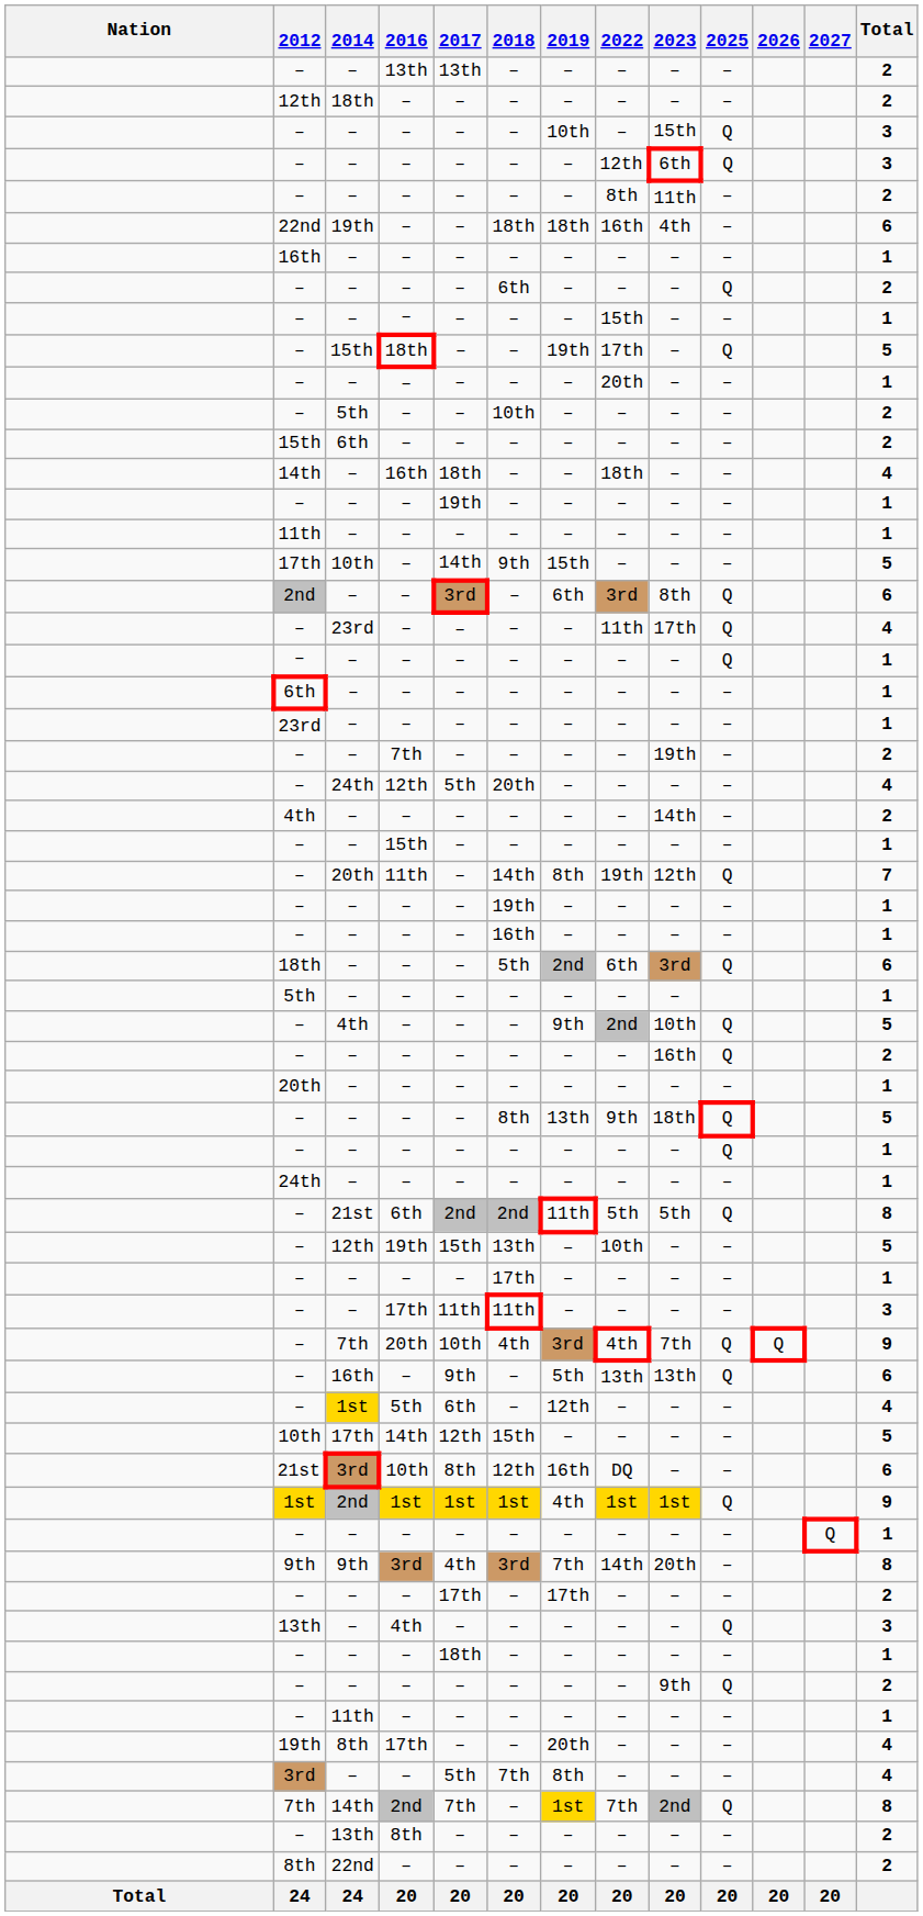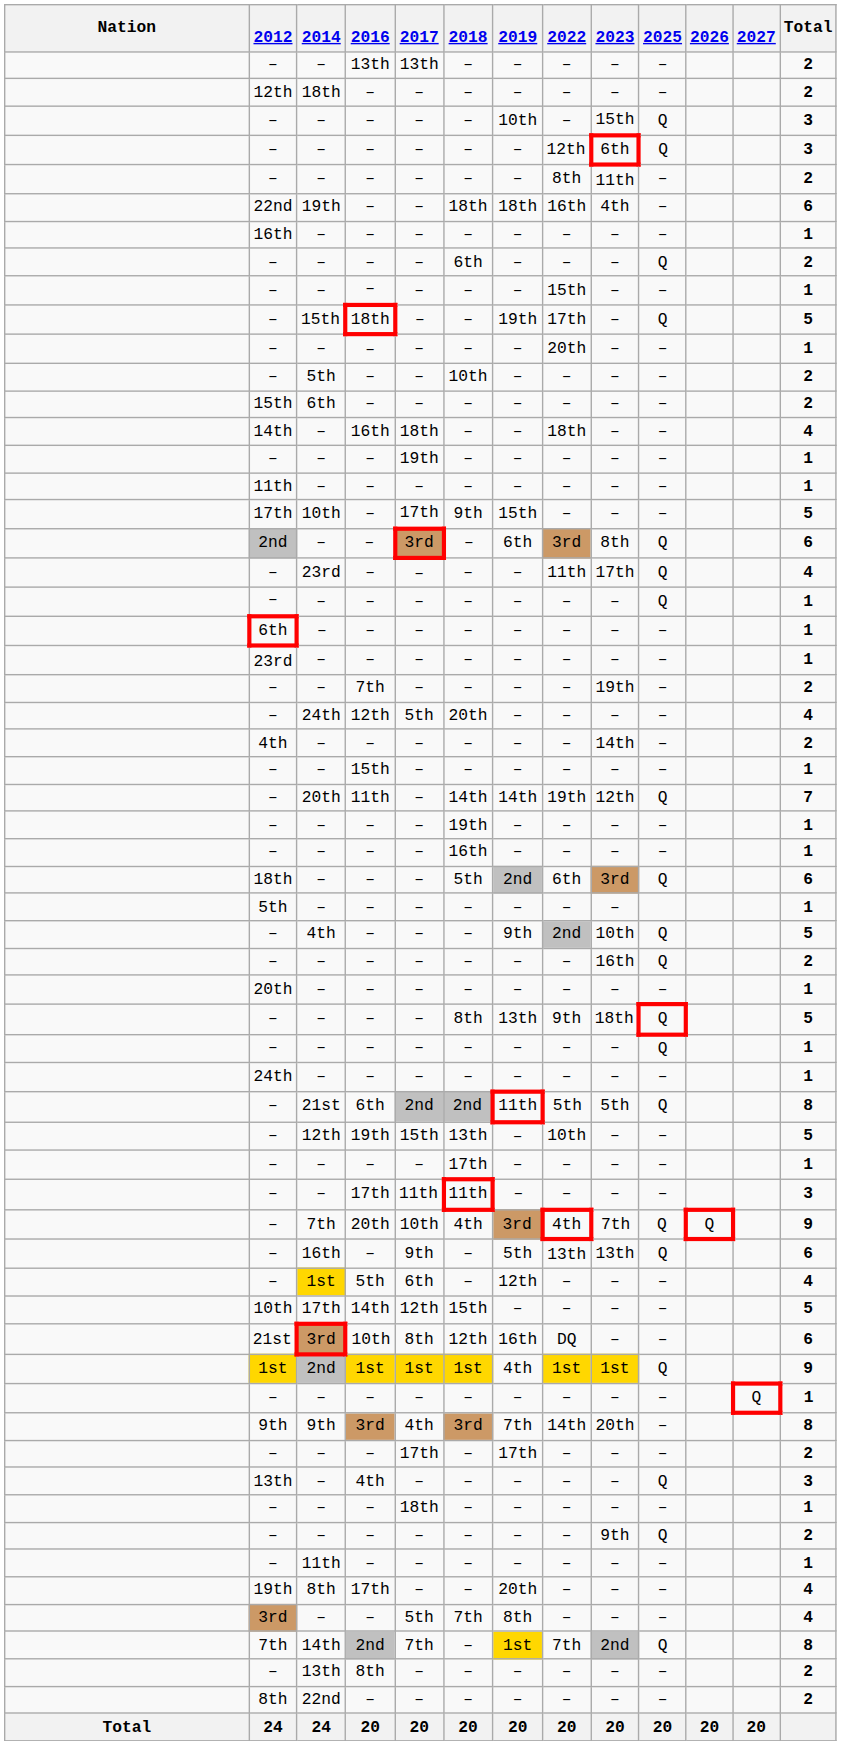 <table class="wikitable" style="text-align:center; font-size:90%;">
 <tr>
 <th width=170>Nation</th>
 <th><br><a href='#'>2012</a></th>
 <th><br><a href='#'>2014</a></th>
 <th><br><a href='#'>2016</a></th>
 <th><br><a href='#'>2017</a></th>
 <th><br><a href='#'>2018</a></th>
 <th><br><a href='#'>2019</a></th>
 <th><br><a href='#'>2022</a></th>
 <th><br><a href='#'>2023</a></th>
 <th><br><a href='#'>2025</a></th>
 <th><br><a href='#'>2026</a></th>
 <th><br><a href='#'>2027</a></th>
 <th>Total</th>
 </tr>
 <tr>
 <td align=left></td>
 <td>–</td>
 <td>–</td>
 <td>13th</td>
 <td>13th</td>
 <td>–</td>
 <td>–</td>
 <td>–</td>
 <td>–</td>
 <td>–</td>
 <td></td>
 <td></td>
 <td><strong>2</strong></td>
 </tr>
 <tr>
 <td align=left></td>
 <td>12th</td>
 <td>18th</td>
 <td>–</td>
 <td>–</td>
 <td>–</td>
 <td>–</td>
 <td>–</td>
 <td>–</td>
 <td>–</td>
 <td></td>
 <td></td>
 <td><strong>2</strong></td>
 </tr>
 <tr>
 <td align=left></td>
 <td>–</td>
 <td>–</td>
 <td>–</td>
 <td>–</td>
 <td>–</td>
 <td>10th</td>
 <td>–</td>
 <td>15th</td>
 <td>Q</td>
 <td></td>
 <td></td>
 <td><strong>3</strong></td>
 </tr>
 <tr>
 <td align=left></td>
 <td>–</td>
 <td>–</td>
 <td>–</td>
 <td>–</td>
 <td>–</td>
 <td>–</td>
 <td>12th</td>
 <td style="border: 3px solid red">6th</td>
 <td>Q</td>
 <td></td>
 <td></td>
 <td><strong>3</strong></td>
 </tr>
 <tr>
 <td align=left></td>
 <td>–</td>
 <td>–</td>
 <td>–</td>
 <td>–</td>
 <td>–</td>
 <td>–</td>
 <td>8th</td>
 <td>11th</td>
 <td>–</td>
 <td></td>
 <td></td>
 <td><strong>2</strong></td>
 </tr>
 <tr>
 <td align=left></td>
 <td>22nd</td>
 <td>19th</td>
 <td>–</td>
 <td>–</td>
 <td>18th</td>
 <td>18th</td>
 <td>16th</td>
 <td>4th</td>
 <td>–</td>
 <td></td>
 <td></td>
 <td><strong>6</strong></td>
 </tr>
 <tr>
 <td align=left></td>
 <td>16th</td>
 <td>–</td>
 <td>–</td>
 <td>–</td>
 <td>–</td>
 <td>–</td>
 <td>–</td>
 <td>–</td>
 <td>–</td>
 <td></td>
 <td></td>
 <td><strong>1</strong></td>
 </tr>
 <tr>
 <td align=left></td>
 <td>–</td>
 <td>–</td>
 <td>–</td>
 <td>–</td>
 <td>6th</td>
 <td>–</td>
 <td>–</td>
 <td>–</td>
 <td>Q</td>
 <td></td>
 <td></td>
 <td><strong>2</strong></td>
 </tr>
 <tr>
 <td align=left></td>
 <td>–</td>
 <td>–</td>
 <td>–</td>
 <td>–</td>
 <td>–</td>
 <td>–</td>
 <td>15th</td>
 <td>–</td>
 <td>–</td>
 <td></td>
 <td></td>
 <td><strong>1</strong></td>
 </tr>
 <tr>
 <td align=left></td>
 <td>–</td>
 <td>15th</td>
 <td style="border: 3px solid red">18th</td>
 <td>–</td>
 <td>–</td>
 <td>19th</td>
 <td>17th</td>
 <td>–</td>
 <td>Q</td>
 <td></td>
 <td></td>
 <td><strong>5</strong></td>
 </tr>
 <tr>
 <td align=left></td>
 <td>–</td>
 <td>–</td>
 <td>–</td>
 <td>–</td>
 <td>–</td>
 <td>–</td>
 <td>20th</td>
 <td>–</td>
 <td>–</td>
 <td></td>
 <td></td>
 <td><strong>1</strong></td>
 </tr>
 <tr>
 <td align=left></td>
 <td>–</td>
 <td>5th</td>
 <td>–</td>
 <td>–</td>
 <td>10th</td>
 <td>–</td>
 <td>–</td>
 <td>–</td>
 <td>–</td>
 <td></td>
 <td></td>
 <td><strong>2</strong></td>
 </tr>
 <tr>
 <td align=left></td>
 <td>15th</td>
 <td>6th</td>
 <td>–</td>
 <td>–</td>
 <td>–</td>
 <td>–</td>
 <td>–</td>
 <td>–</td>
 <td>–</td>
 <td></td>
 <td></td>
 <td><strong>2</strong></td>
 </tr>
 <tr>
 <td align=left></td>
 <td>14th</td>
 <td>–</td>
 <td>16th</td>
 <td>18th</td>
 <td>–</td>
 <td>–</td>
 <td>18th</td>
 <td>–</td>
 <td>–</td>
 <td></td>
 <td></td>
 <td><strong>4</strong></td>
 </tr>
 <tr>
 <td align=left></td>
 <td>–</td>
 <td>–</td>
 <td>–</td>
 <td>19th</td>
 <td>–</td>
 <td>–</td>
 <td>–</td>
 <td>–</td>
 <td>–</td>
 <td></td>
 <td></td>
 <td><strong>1</strong></td>
 </tr>
 <tr>
 <td align=left></td>
 <td>11th</td>
 <td>–</td>
 <td>–</td>
 <td>–</td>
 <td>–</td>
 <td>–</td>
 <td>–</td>
 <td>–</td>
 <td>–</td>
 <td></td>
 <td></td>
 <td><strong>1</strong></td>
 </tr>
 <tr>
 <td align=left></td>
 <td>17th</td>
 <td>10th</td>
 <td>–</td>
-<td>14th</td>
+<td>17th</td>
 <td>9th</td>
 <td>15th</td>
 <td>–</td>
 <td>–</td>
 <td>–</td>
 <td></td>
 <td></td>
 <td><strong>5</strong></td>
 </tr>
 <tr>
 <td align=left></td>
 <td bgcolor=silver>2nd</td>
 <td>–</td>
 <td>–</td>
 <td style="border: 3px solid red" bgcolor=#cc9966>3rd</td>
 <td>–</td>
 <td>6th</td>
 <td bgcolor=#cc9966>3rd</td>
 <td>8th</td>
 <td>Q</td>
 <td></td>
 <td></td>
 <td><strong>6</strong></td>
 </tr>
 <tr>
 <td align=left></td>
 <td>–</td>
 <td>23rd</td>
 <td>–</td>
 <td>–</td>
 <td>–</td>
 <td>–</td>
 <td>11th</td>
 <td>17th</td>
 <td>Q</td>
 <td></td>
 <td></td>
 <td><strong>4</strong></td>
 </tr>
 <tr>
 <td align=left></td>
 <td>–</td>
 <td>–</td>
 <td>–</td>
 <td>–</td>
 <td>–</td>
 <td>–</td>
 <td>–</td>
 <td>–</td>
 <td>Q</td>
 <td></td>
 <td></td>
 <td><strong>1</strong></td>
 </tr>
 <tr>
 <td align=left></td>
 <td style="border: 3px solid red">6th</td>
 <td>–</td>
 <td>–</td>
 <td>–</td>
 <td>–</td>
 <td>–</td>
 <td>–</td>
 <td>–</td>
 <td>–</td>
 <td></td>
 <td></td>
 <td><strong>1</strong></td>
 </tr>
 <tr>
 <td align=left></td>
 <td>23rd</td>
 <td>–</td>
 <td>–</td>
 <td>–</td>
 <td>–</td>
 <td>–</td>
 <td>–</td>
 <td>–</td>
 <td>–</td>
 <td></td>
 <td></td>
 <td><strong>1</strong></td>
 </tr>
 <tr>
 <td align=left></td>
 <td>–</td>
 <td>–</td>
 <td>7th</td>
 <td>–</td>
 <td>–</td>
 <td>–</td>
 <td>–</td>
 <td>19th</td>
 <td>–</td>
 <td></td>
 <td></td>
 <td><strong>2</strong></td>
 </tr>
 <tr>
 <td align=left></td>
 <td>–</td>
 <td>24th</td>
 <td>12th</td>
 <td>5th</td>
 <td>20th</td>
 <td>–</td>
 <td>–</td>
 <td>–</td>
 <td>–</td>
 <td></td>
 <td></td>
 <td><strong>4</strong></td>
 </tr>
 <tr>
 <td align=left></td>
 <td>4th</td>
 <td>–</td>
 <td>–</td>
 <td>–</td>
 <td>–</td>
 <td>–</td>
 <td>–</td>
 <td>14th</td>
 <td>–</td>
 <td></td>
 <td></td>
 <td><strong>2</strong></td>
 </tr>
 <tr>
 <td align=left></td>
 <td>–</td>
 <td>–</td>
 <td>15th</td>
 <td>–</td>
 <td>–</td>
 <td>–</td>
 <td>–</td>
 <td>–</td>
 <td>–</td>
 <td></td>
 <td></td>
 <td><strong>1</strong></td>
 </tr>
 <tr>
 <td align=left></td>
 <td>–</td>
 <td>20th</td>
 <td>11th</td>
 <td>–</td>
 <td>14th</td>
-<td>8th</td>
+<td>14th</td>
 <td>19th</td>
 <td>12th</td>
 <td>Q</td>
 <td></td>
 <td></td>
 <td><strong>7</strong></td>
 </tr>
 <tr>
 <td align=left></td>
 <td>–</td>
 <td>–</td>
 <td>–</td>
 <td>–</td>
 <td>19th</td>
 <td>–</td>
 <td>–</td>
 <td>–</td>
 <td>–</td>
 <td></td>
 <td></td>
 <td><strong>1</strong></td>
 </tr>
 <tr>
 <td align=left></td>
 <td>–</td>
 <td>–</td>
 <td>–</td>
 <td>–</td>
 <td>16th</td>
 <td>–</td>
 <td>–</td>
 <td>–</td>
 <td>–</td>
 <td></td>
 <td></td>
 <td><strong>1</strong></td>
 </tr>
 <tr>
 <td align=left></td>
 <td>18th</td>
 <td>–</td>
 <td>–</td>
 <td>–</td>
 <td>5th</td>
 <td bgcolor=silver>2nd</td>
 <td>6th</td>
 <td bgcolor=#cc9966>3rd</td>
 <td>Q</td>
 <td></td>
 <td></td>
 <td><strong>6</strong></td>
 </tr>
 <tr>
 <td align=left></td>
 <td>5th</td>
 <td>–</td>
 <td>–</td>
 <td>–</td>
 <td>–</td>
 <td>–</td>
 <td>–</td>
 <td>–</td>
 <td></td>
 <td></td>
 <td></td>
 <td><strong>1</strong></td>
 </tr>
 <tr>
 <td align=left></td>
 <td>–</td>
 <td>4th</td>
 <td>–</td>
 <td>–</td>
 <td>–</td>
 <td>9th</td>
 <td bgcolor=silver>2nd</td>
 <td>10th</td>
 <td>Q</td>
 <td></td>
 <td></td>
 <td><strong>5</strong></td>
 </tr>
 <tr>
 <td align=left></td>
 <td>–</td>
 <td>–</td>
 <td>–</td>
 <td>–</td>
 <td>–</td>
 <td>–</td>
 <td>–</td>
 <td>16th</td>
 <td>Q</td>
 <td></td>
 <td></td>
 <td><strong>2</strong></td>
 </tr>
 <tr>
 <td align=left></td>
 <td>20th</td>
 <td>–</td>
 <td>–</td>
 <td>–</td>
 <td>–</td>
 <td>–</td>
 <td>–</td>
 <td>–</td>
 <td>–</td>
 <td></td>
 <td></td>
 <td><strong>1</strong></td>
 </tr>
 <tr>
 <td align=left></td>
 <td>–</td>
 <td>–</td>
 <td>–</td>
 <td>–</td>
 <td>8th</td>
 <td>13th</td>
 <td>9th</td>
 <td>18th</td>
 <td style="border: 3px solid red">Q</td>
 <td></td>
 <td></td>
 <td><strong>5</strong></td>
 </tr>
 <tr>
 <td align=left></td>
 <td>–</td>
 <td>–</td>
 <td>–</td>
 <td>–</td>
 <td>–</td>
 <td>–</td>
 <td>–</td>
 <td>–</td>
 <td>Q</td>
 <td></td>
 <td></td>
 <td><strong>1</strong></td>
 </tr>
 <tr>
 <td align=left></td>
 <td>24th</td>
 <td>–</td>
 <td>–</td>
 <td>–</td>
 <td>–</td>
 <td>–</td>
 <td>–</td>
 <td>–</td>
 <td>–</td>
 <td></td>
 <td></td>
 <td><strong>1</strong></td>
 </tr>
 <tr>
 <td align=left></td>
 <td>–</td>
 <td>21st</td>
 <td>6th</td>
 <td bgcolor=silver>2nd</td>
 <td bgcolor=silver>2nd</td>
 <td style="border: 3px solid red">11th</td>
 <td>5th</td>
 <td>5th</td>
 <td>Q</td>
 <td></td>
 <td></td>
 <td><strong>8</strong></td>
 </tr>
 <tr>
 <td align=left></td>
 <td>–</td>
 <td>12th</td>
 <td>19th</td>
 <td>15th</td>
 <td>13th</td>
 <td>–</td>
 <td>10th</td>
 <td>–</td>
 <td>–</td>
 <td></td>
 <td></td>
 <td><strong>5</strong></td>
 </tr>
 <tr>
 <td align=left></td>
 <td>–</td>
 <td>–</td>
 <td>–</td>
 <td>–</td>
 <td>17th</td>
 <td>–</td>
 <td>–</td>
 <td>–</td>
 <td>–</td>
 <td></td>
 <td></td>
 <td><strong>1</strong></td>
 </tr>
 <tr>
 <td align=left></td>
 <td>–</td>
 <td>–</td>
 <td>17th</td>
 <td>11th</td>
 <td style="border: 3px solid red">11th</td>
 <td>–</td>
 <td>–</td>
 <td>–</td>
 <td>–</td>
 <td></td>
 <td></td>
 <td><strong>3</strong></td>
 </tr>
 <tr>
 <td align=left></td>
 <td>–</td>
 <td>7th</td>
 <td>20th</td>
 <td>10th</td>
 <td>4th</td>
 <td bgcolor=#cc9966>3rd</td>
 <td style="border: 3px solid red">4th</td>
 <td>7th</td>
 <td>Q</td>
 <td style="border: 3px solid red">Q</td>
 <td></td>
 <td><strong>9</strong></td>
 </tr>
 <tr>
 <td align=left></td>
 <td>–</td>
 <td>16th</td>
 <td>–</td>
 <td>9th</td>
 <td>–</td>
 <td>5th</td>
 <td>13th</td>
 <td>13th</td>
 <td>Q</td>
 <td></td>
 <td></td>
 <td><strong>6</strong></td>
 </tr>
 <tr>
 <td align=left></td>
 <td>–</td>
 <td bgcolor=gold>1st</td>
 <td>5th</td>
 <td>6th</td>
 <td>–</td>
 <td>12th</td>
 <td>–</td>
 <td>–</td>
 <td>–</td>
 <td></td>
 <td></td>
 <td><strong>4</strong></td>
 </tr>
 <tr>
 <td align=left></td>
 <td>10th</td>
 <td>17th</td>
 <td>14th</td>
 <td>12th</td>
 <td>15th</td>
 <td>–</td>
 <td>–</td>
 <td>–</td>
 <td>–</td>
 <td></td>
 <td></td>
 <td><strong>5</strong></td>
 </tr>
 <tr>
 <td align=left></td>
 <td>21st</td>
 <td style="border: 3px solid red" bgcolor=#cc9966>3rd</td>
 <td>10th</td>
 <td>8th</td>
 <td>12th</td>
 <td>16th</td>
 <td>DQ</td>
 <td>–</td>
 <td>–</td>
 <td></td>
 <td></td>
 <td><strong>6</strong></td>
 </tr>
 <tr>
 <td align=left></td>
 <td bgcolor=gold>1st</td>
 <td bgcolor=silver>2nd</td>
 <td bgcolor=gold>1st</td>
 <td bgcolor=gold>1st</td>
 <td bgcolor=gold>1st</td>
 <td>4th</td>
 <td bgcolor=gold>1st</td>
 <td bgcolor=gold>1st</td>
 <td>Q</td>
 <td></td>
 <td></td>
 <td><strong>9</strong></td>
 </tr>
 <tr>
 <td align=left></td>
 <td>–</td>
 <td>–</td>
 <td>–</td>
 <td>–</td>
 <td>–</td>
 <td>–</td>
 <td>–</td>
 <td>–</td>
 <td>–</td>
 <td></td>
 <td style="border: 3px solid red">Q</td>
 <td><strong>1</strong></td>
 </tr>
 <tr>
 <td align=left></td>
 <td>9th</td>
 <td>9th</td>
 <td bgcolor=#cc9966>3rd</td>
 <td>4th</td>
 <td bgcolor=#cc9966>3rd</td>
 <td>7th</td>
 <td>14th</td>
 <td>20th</td>
 <td>–</td>
 <td></td>
 <td></td>
 <td><strong>8</strong></td>
 </tr>
 <tr>
 <td align=left></td>
 <td>–</td>
 <td>–</td>
 <td>–</td>
 <td>17th</td>
 <td>–</td>
 <td>17th</td>
 <td>–</td>
 <td>–</td>
 <td>–</td>
 <td></td>
 <td></td>
 <td><strong>2</strong></td>
 </tr>
 <tr>
 <td align=left></td>
 <td>13th</td>
 <td>–</td>
 <td>4th</td>
 <td>–</td>
 <td>–</td>
 <td>–</td>
 <td>–</td>
 <td>–</td>
 <td>Q</td>
 <td></td>
 <td></td>
 <td><strong>3</strong></td>
 </tr>
 <tr>
 <td align=left></td>
 <td>–</td>
 <td>–</td>
 <td>–</td>
 <td>18th</td>
 <td>–</td>
 <td>–</td>
 <td>–</td>
 <td>–</td>
 <td>–</td>
 <td></td>
 <td></td>
 <td><strong>1</strong></td>
 </tr>
 <tr>
 <td align=left></td>
 <td>–</td>
 <td>–</td>
 <td>–</td>
 <td>–</td>
 <td>–</td>
 <td>–</td>
 <td>–</td>
 <td>9th</td>
 <td>Q</td>
 <td></td>
 <td></td>
 <td><strong>2</strong></td>
 </tr>
 <tr>
 <td align=left></td>
 <td>–</td>
 <td>11th</td>
 <td>–</td>
 <td>–</td>
 <td>–</td>
 <td>–</td>
 <td>–</td>
 <td>–</td>
 <td>–</td>
 <td></td>
 <td></td>
 <td><strong>1</strong></td>
 </tr>
 <tr>
 <td align=left></td>
 <td>19th</td>
 <td>8th</td>
 <td>17th</td>
 <td>–</td>
 <td>–</td>
 <td>20th</td>
 <td>–</td>
 <td>–</td>
 <td>–</td>
 <td></td>
 <td></td>
 <td><strong>4</strong></td>
 </tr>
 <tr>
 <td align=left></td>
 <td bgcolor=#cc9966>3rd</td>
 <td>–</td>
 <td>–</td>
 <td>5th</td>
 <td>7th</td>
 <td>8th</td>
 <td>–</td>
 <td>–</td>
 <td>–</td>
 <td></td>
 <td></td>
 <td><strong>4</strong></td>
 </tr>
 <tr>
 <td align=left></td>
 <td>7th</td>
 <td>14th</td>
 <td bgcolor=silver>2nd</td>
 <td>7th</td>
 <td>–</td>
 <td bgcolor=gold>1st</td>
 <td>7th</td>
 <td bgcolor=silver>2nd</td>
 <td>Q</td>
 <td></td>
 <td></td>
 <td><strong>8</strong></td>
 </tr>
 <tr>
 <td align=left></td>
 <td>–</td>
 <td>13th</td>
 <td>8th</td>
 <td>–</td>
 <td>–</td>
 <td>–</td>
 <td>–</td>
 <td>–</td>
 <td>–</td>
 <td></td>
 <td></td>
 <td><strong>2</strong></td>
 </tr>
 <tr>
 <td align=left></td>
 <td>8th</td>
 <td>22nd</td>
 <td>–</td>
 <td>–</td>
 <td>–</td>
 <td>–</td>
 <td>–</td>
 <td>–</td>
 <td>–</td>
 <td></td>
 <td></td>
 <td><strong>2</strong></td>
 </tr>
 <tr>
 <th>Total</th>
 <th>24</th>
 <th>24</th>
 <th>20</th>
 <th>20</th>
 <th>20</th>
 <th>20</th>
 <th>20</th>
 <th>20</th>
 <th>20</th>
 <th>20</th>
 <th>20</th>
 <th></th>
 </tr>
 </table>
